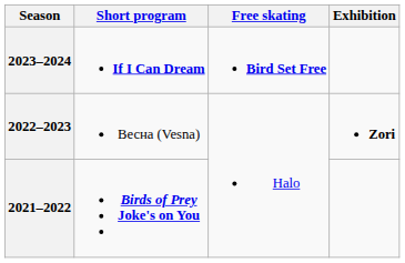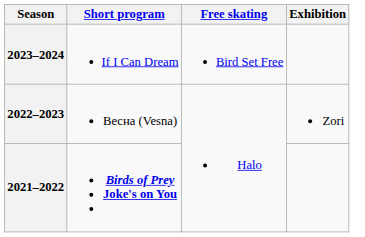 <table class=wikitable style=text-align:center>
 <tr>
 <th>Season</th>
 <th><a href='#'>Short program</a></th>
 <th><a href='#'>Free skating</a></th>
 <th>Exhibition</th>
 </tr>
 <tr>
 <th>2023–2024 <br> </th>
-<td><strong><br><ul><li><a href='#'>If I Can Dream</a> <br> </li></ul></strong></td>
-<td><strong><br><ul><li><a href='#'>Bird Set Free</a> <br> </li></ul></strong></td>
+<td><br><ul><li><a href='#'>If I Can Dream</a> <br> </li></ul></td>
+<td><br><ul><li><a href='#'>Bird Set Free</a> <br> </li></ul></td>
 <td></td>
 </tr>
 <tr>
 <th>2022–2023 <br> </th>
 <td><br><ul><li>Весна (Vesna) <br> </li></ul></td>
 <td rowspan=2><br><ul><li><a href='#'>Halo</a> <br> </li></ul></td>
-<td><strong><br><ul><li>Zori <br></li></ul></strong></td>
+<td><br><ul><li>Zori <br></li></ul></td>
 </tr>
 <tr>
 <th>2021–2022 <br> </th>
 <td><strong><br><ul><li><em><a href='#'>Birds of Prey</a></em> <br> </li><li><a href='#'>Joke's on You</a> <br> </li><li></li></ul></strong></td>
 <td></td>
 </tr>
 </table>
